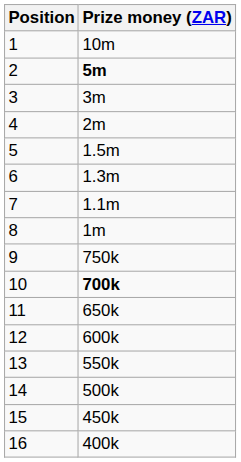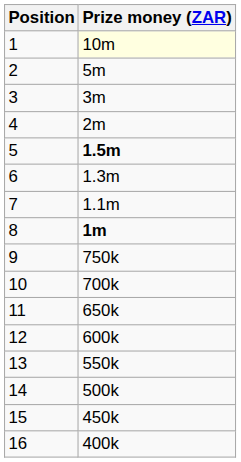 <table class="wikitable">
 <tr>
 <th>Position</th>
 <th>Prize money (<a href='#'>ZAR</a>)</th>
 </tr>
 <tr>
 <td>1</td>
-<td>10m</td>
+<td style="background: lightyellow;">10m</td>
 </tr>
 <tr>
 <td>2</td>
-<td><strong>5m</strong></td>
+<td>5m</td>
 </tr>
 <tr>
 <td>3</td>
 <td>3m</td>
 </tr>
 <tr>
 <td>4</td>
 <td>2m</td>
 </tr>
 <tr>
 <td>5</td>
-<td>1.5m</td>
+<td><strong>1.5m</strong></td>
 </tr>
 <tr>
 <td>6</td>
 <td>1.3m</td>
 </tr>
 <tr>
 <td>7</td>
 <td>1.1m</td>
 </tr>
 <tr>
 <td>8</td>
-<td>1m</td>
+<td><strong>1m</strong></td>
 </tr>
 <tr>
 <td>9</td>
 <td>750k</td>
 </tr>
 <tr>
 <td>10</td>
-<td><strong>700k</strong></td>
+<td>700k</td>
 </tr>
 <tr>
 <td>11</td>
 <td>650k</td>
 </tr>
 <tr>
 <td>12</td>
 <td>600k</td>
 </tr>
 <tr>
 <td>13</td>
 <td>550k</td>
 </tr>
 <tr>
 <td>14</td>
 <td>500k</td>
 </tr>
 <tr>
 <td>15</td>
 <td>450k</td>
 </tr>
 <tr>
 <td>16</td>
 <td>400k</td>
 </tr>
 </table>
